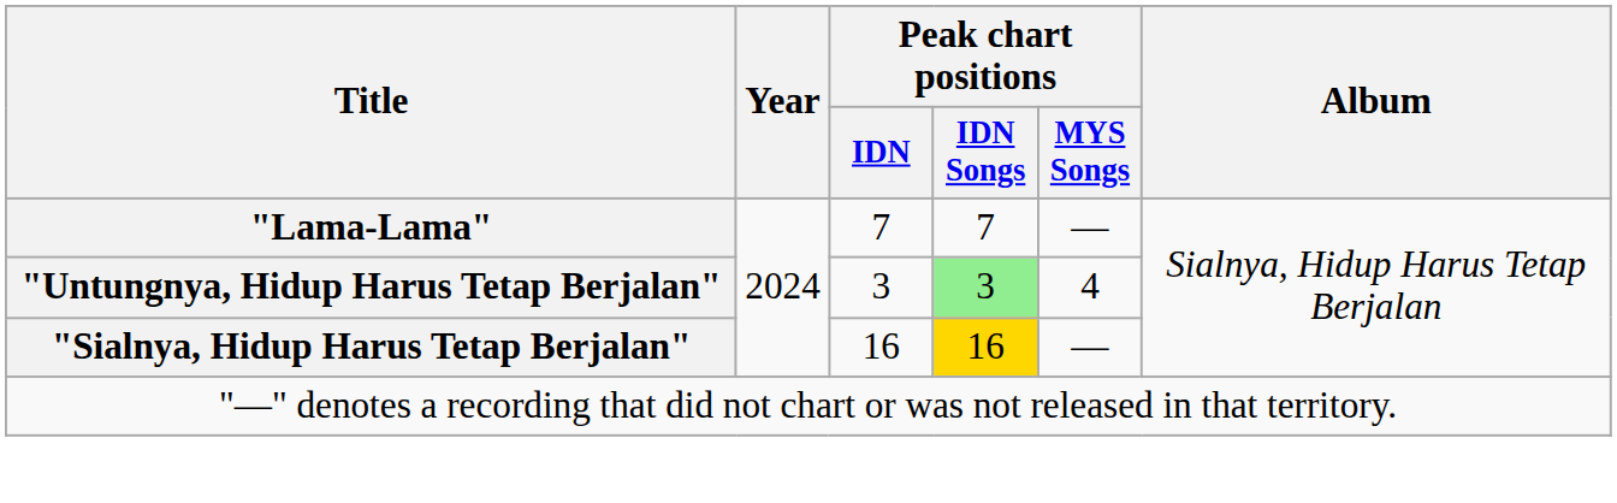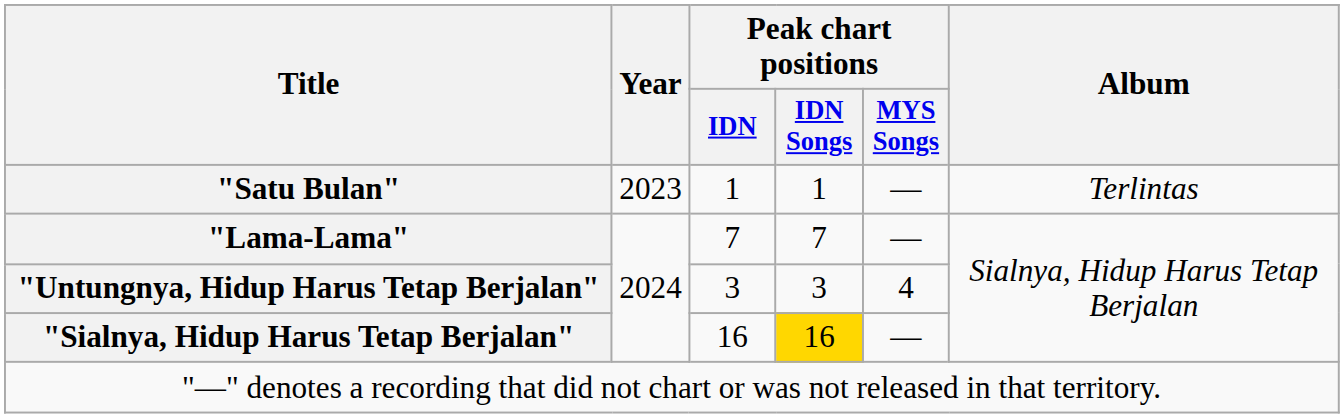 <table class="wikitable plainrowheaders" style="text-align:center">
 <tr>
 <th scope="col" rowspan="2" style="width:19em;">Title</th>
 <th scope="col" rowspan="2">Year</th>
 <th colspan="3" scope="col">Peak chart positions</th>
 <th scope="col" rowspan="2" style="width:12em;">Album</th>
 </tr>
 <tr>
 <th scope="col" style="width:2.8em;font-size:85%;"><a href='#'>IDN</a><br></th>
 <th scope="col" style="width:2.8em;font-size:85%;"><a href='#'>IDN Songs</a><br></th>
 <th scope="col" style="width:2.8em;font-size:85%;"><a href='#'>MYS Songs</a><br></th>
 </tr>
 <tr>
+<th scope="row">"Satu Bulan"</th>
+<td>2023</td>
+<td>1</td>
+<td>1</td>
+<td>—</td>
+<td><em>Terlintas</em></td>
+</tr>
+<tr>
 <th scope="row">"Lama-Lama"</th>
 <td rowspan="3">2024</td>
 <td>7</td>
 <td>7</td>
 <td>—</td>
 <td rowspan="3"><em>Sialnya, Hidup Harus Tetap Berjalan</em></td>
 </tr>
 <tr>
 <th scope="row">"Untungnya, Hidup Harus Tetap Berjalan"</th>
 <td>3</td>
-<td style="background: lightgreen;">3</td>
+<td>3</td>
 <td>4</td>
 </tr>
 <tr>
 <th scope="row">"Sialnya, Hidup Harus Tetap Berjalan"</th>
 <td>16</td>
 <td style="background: gold;">16</td>
 <td>—</td>
 </tr>
 <tr>
 <td colspan="6" style="text-align:center;">"—" denotes a recording that did not chart or was not released in that territory.</td>
 </tr>
 </table>
